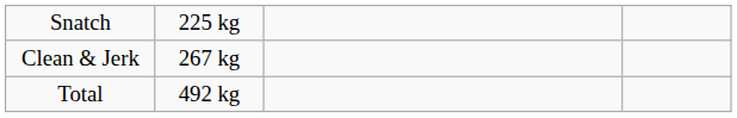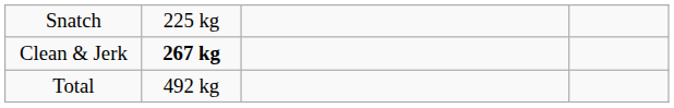 <table class = "wikitable" style="text-align:center;">
 <tr>
 <td width=100>Snatch</td>
 <td width=70>225 kg</td>
 <td width=250 align=left></td>
 <td width=70></td>
 </tr>
 <tr>
 <td>Clean & Jerk</td>
-<td>267 kg</td>
+<td><strong>267 kg</strong></td>
 <td align=left></td>
 <td></td>
 </tr>
 <tr>
 <td>Total</td>
 <td>492 kg</td>
 <td align=left></td>
 <td></td>
 </tr>
 </table>
